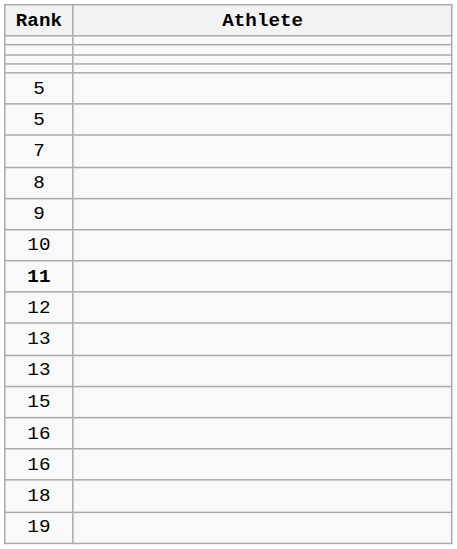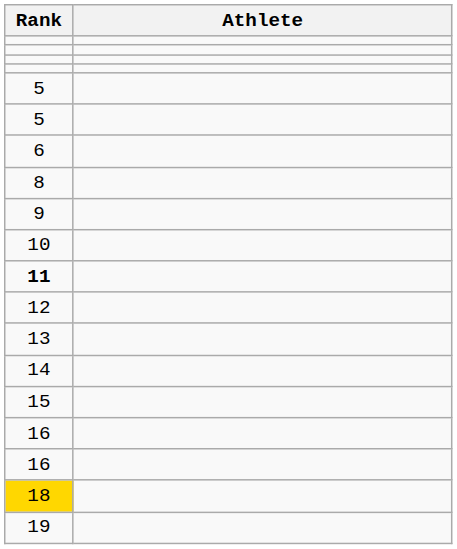 <table class="wikitable" style="text-align: center;">
 <tr>
 <th width=40>Rank</th>
 <th width=250>Athlete</th>
 </tr>
 <tr>
 <td></td>
 <td align="left"></td>
 </tr>
 <tr>
 <td></td>
 <td align="left"></td>
 </tr>
 <tr>
 <td></td>
 <td align="left"></td>
 </tr>
 <tr>
 <td></td>
 <td align="left"></td>
 </tr>
 <tr>
 <td>5</td>
 <td align="left"></td>
 </tr>
 <tr>
 <td>5</td>
 <td align="left"></td>
 </tr>
 <tr>
-<td>7</td>
+<td>6</td>
 <td align="left"></td>
 </tr>
 <tr>
 <td>8</td>
 <td align="left"></td>
 </tr>
 <tr>
 <td>9</td>
 <td align="left"></td>
 </tr>
 <tr>
 <td>10</td>
 <td align="left"></td>
 </tr>
 <tr>
 <td><strong>11</strong></td>
 <td align="left"></td>
 </tr>
 <tr>
 <td>12</td>
 <td align="left"></td>
 </tr>
 <tr>
 <td>13</td>
 <td align="left"></td>
 </tr>
 <tr>
-<td>13</td>
+<td>14</td>
 <td align="left"></td>
 </tr>
 <tr>
 <td>15</td>
 <td align="left"></td>
 </tr>
 <tr>
 <td>16</td>
 <td align="left"></td>
 </tr>
 <tr>
 <td>16</td>
 <td align="left"></td>
 </tr>
 <tr>
-<td>18</td>
+<td style="background: gold;">18</td>
 <td align="left"></td>
 </tr>
 <tr>
 <td>19</td>
 <td align="left"></td>
 </tr>
 </table>
